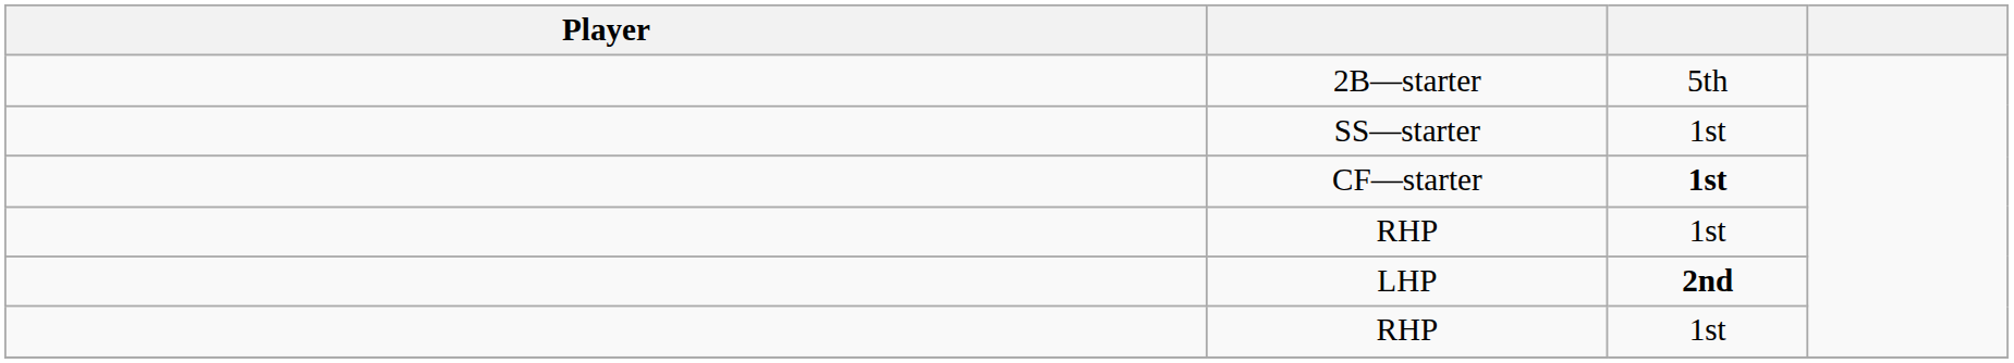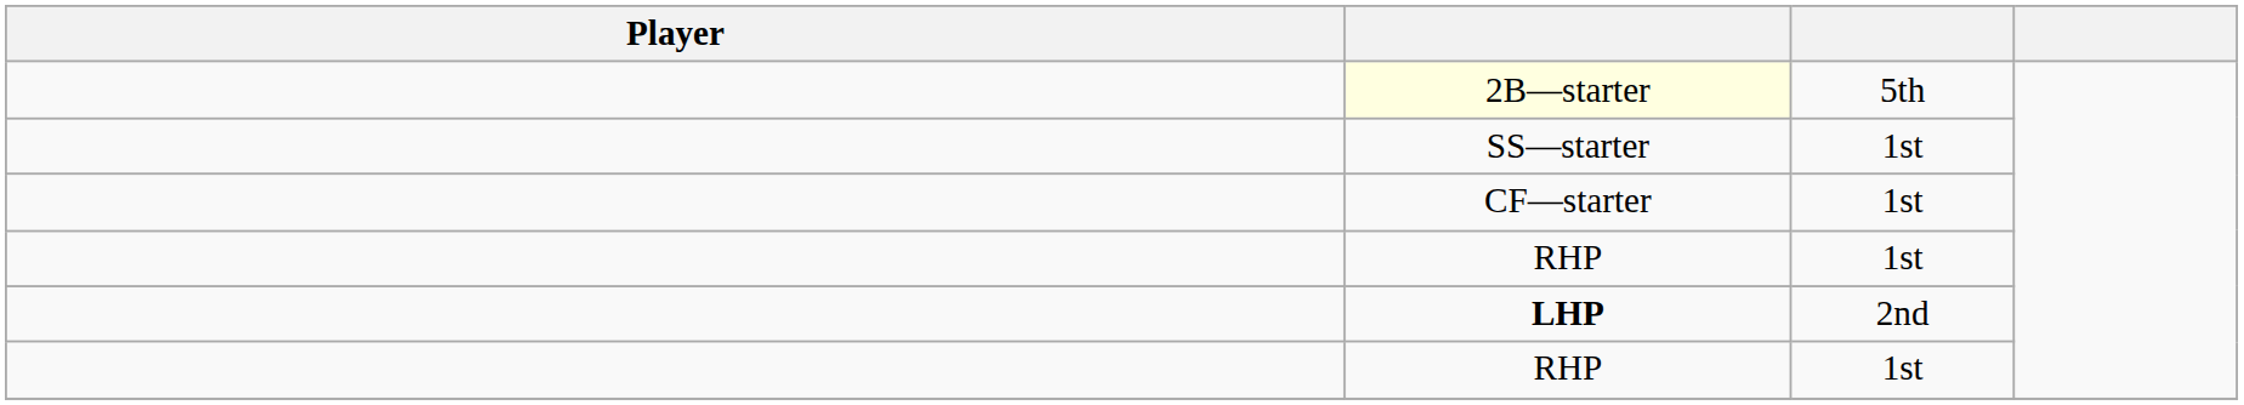 <table class="wikitable" style="width:80%;">
 <tr align=center>
 <th style="width:60%;">Player</th>
 <th style="width:20%;"></th>
 <th style="width:10%;"></th>
 <th style="width:10%;"></th>
 </tr>
 <tr align=center>
 <td></td>
-<td>2B—starter</td>
+<td style="background: lightyellow;">2B—starter</td>
 <td>5th</td>
 <td rowspan="6"></td>
 </tr>
 <tr align=center>
 <td></td>
 <td>SS—starter</td>
 <td>1st</td>
 </tr>
 <tr align=center>
 <td></td>
 <td>CF—starter</td>
-<td><strong>1st</strong></td>
+<td>1st</td>
 </tr>
 <tr align=center>
 <td></td>
 <td>RHP</td>
 <td>1st</td>
 </tr>
 <tr align=center>
 <td></td>
-<td>LHP</td>
-<td><strong>2nd</strong></td>
+<td><strong>LHP</strong></td>
+<td>2nd</td>
 </tr>
 <tr align=center>
 <td></td>
 <td>RHP</td>
 <td>1st</td>
 </tr>
 <tr>
 </tr>
 </table>
